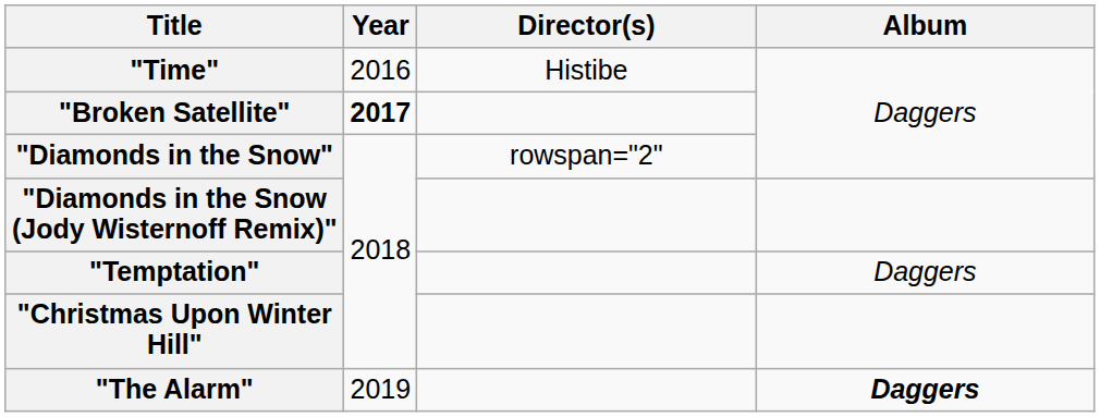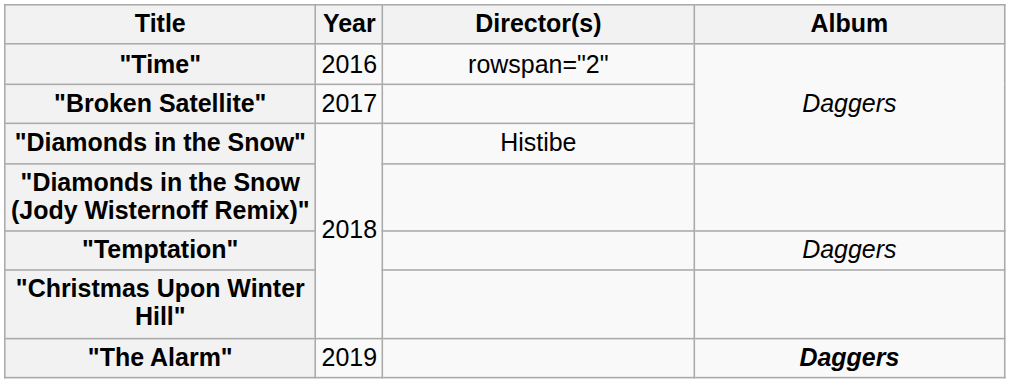 <table class="wikitable plainrowheaders" style="text-align:center;">
 <tr>
 <th scope="col" style="width:12em;">Title</th>
 <th scope="col">Year</th>
 <th scope="col" style="width:12em;">Director(s)</th>
 <th scope="col" style="width:12em;">Album</th>
 </tr>
 <tr>
 <th scope="row">"Time"</th>
 <td>2016</td>
-<td>Histibe</td>
+<td>rowspan="2" </td>
 <td rowspan="3"><em>Daggers</em></td>
 </tr>
 <tr>
 <th scope="row">"Broken Satellite"</th>
-<td><strong>2017</strong></td>
+<td>2017</td>
 </tr>
 <tr>
 <th scope="row">"Diamonds in the Snow"</th>
 <td rowspan="4">2018</td>
-<td>rowspan="2" </td>
+<td>Histibe</td>
 </tr>
 <tr>
 <th scope="row">"Diamonds in the Snow (Jody Wisternoff Remix)"</th>
 <td></td>
 <td></td>
 </tr>
 <tr>
 <th scope="row">"Temptation"</th>
 <td></td>
 <td><em>Daggers</em></td>
 </tr>
 <tr>
 <th scope="row">"Christmas Upon Winter Hill"</th>
 <td></td>
 <td></td>
 </tr>
 <tr>
 <th scope="row">"The Alarm"</th>
 <td>2019</td>
 <td></td>
 <td><strong><em>Daggers</em></strong></td>
 </tr>
 </table>
